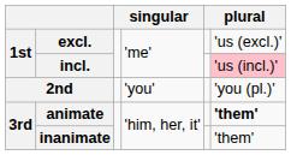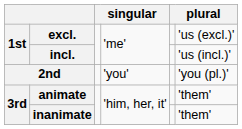 <table class="wikitable">
 <tr>
 <th colspan="2"></th>
 <th colspan="2">singular</th>
 <th colspan="2">plural</th>
 </tr>
 <tr>
 <th rowspan="2">1st</th>
 <th>excl.</th>
 <td rowspan="2"></td>
 <td rowspan="2">'me'</td>
 <td></td>
 <td>'us (excl.)'</td>
 </tr>
 <tr>
 <th>incl.</th>
 <td></td>
-<td style="background: pink;">'us (incl.)'</td>
+<td>'us (incl.)'</td>
 </tr>
 <tr>
 <th colspan="2">2nd</th>
 <td></td>
 <td>'you'</td>
 <td></td>
 <td>'you (pl.)'</td>
 </tr>
 <tr>
 <th rowspan="2">3rd</th>
 <th>animate</th>
 <td rowspan="2"></td>
 <td rowspan="2">'him, her, it'</td>
 <td></td>
-<td><strong>'them'</strong></td>
+<td>'them'</td>
 </tr>
 <tr>
 <th>inanimate</th>
 <td></td>
 <td>'them'</td>
 </tr>
 </table>
